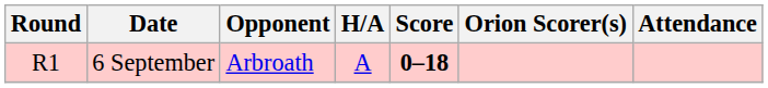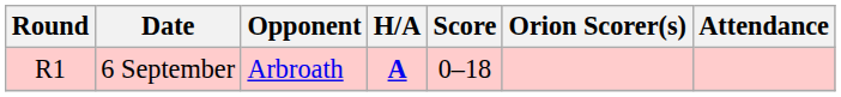 <table class="wikitable" style="text-align:center">
 <tr>
 <th>Round</th>
 <th>Date</th>
 <th>Opponent</th>
 <th>H/A</th>
 <th>Score</th>
 <th>Orion Scorer(s)</th>
 <th>Attendance</th>
 </tr>
 <tr bgcolor=#FFCCCC>
 <td>R1</td>
 <td align=left>6 September</td>
 <td align=left><a href='#'>Arbroath</a></td>
-<td><a href='#'>A</a></td>
-<td><strong>0–18</strong></td>
+<td><strong><a href='#'>A</a></strong></td>
+<td>0–18</td>
 <td align=left></td>
 <td></td>
 </tr>
 <tr>
 </tr>
 </table>
